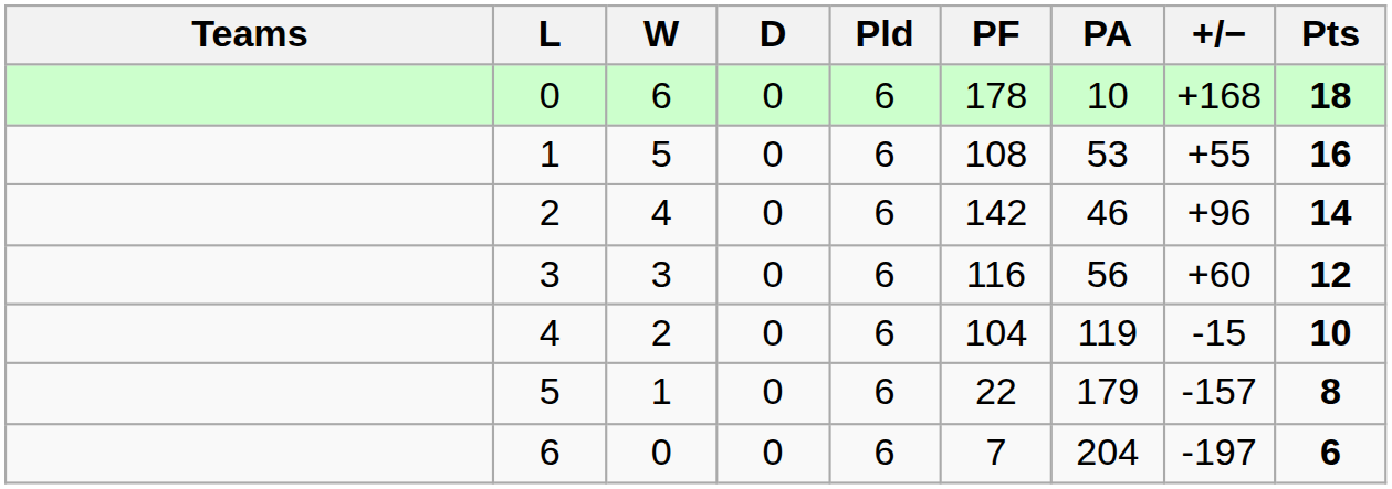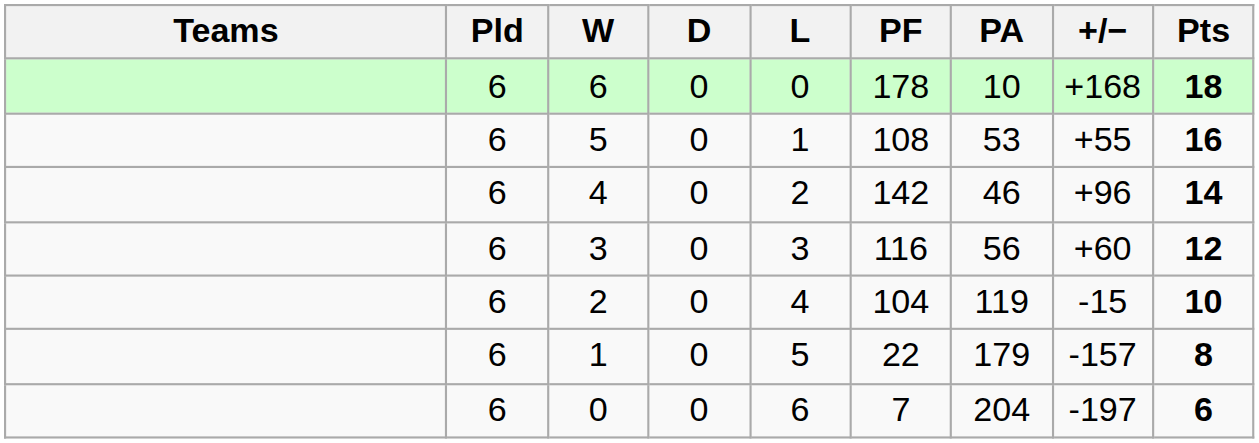 <table class="wikitable" style="text-align: center;">
 <tr>
 <th width="200">Teams</th>
-<th width="40">L</th>
+<th width="40">Pld</th>
 <th width="40">W</th>
 <th width="40">D</th>
-<th width="40">Pld</th>
+<th width="40">L</th>
 <th width="40">PF</th>
 <th width="40">PA</th>
 <th width="40">+/−</th>
 <th width="40">Pts</th>
 </tr>
 <tr bgcolor=ccffcc>
 <td align=left></td>
-<td>0</td>
+<td>6</td>
 <td>6</td>
 <td>0</td>
-<td>6</td>
+<td>0</td>
 <td>178</td>
 <td>10</td>
 <td>+168</td>
 <td><strong>18</strong></td>
 </tr>
 <tr>
 <td align=left></td>
-<td>1</td>
+<td>6</td>
 <td>5</td>
 <td>0</td>
-<td>6</td>
+<td>1</td>
 <td>108</td>
 <td>53</td>
 <td>+55</td>
 <td><strong>16</strong></td>
 </tr>
 <tr>
 <td align=left></td>
-<td>2</td>
+<td>6</td>
 <td>4</td>
 <td>0</td>
-<td>6</td>
+<td>2</td>
 <td>142</td>
 <td>46</td>
 <td>+96</td>
 <td><strong>14</strong></td>
 </tr>
 <tr>
 <td align=left></td>
-<td>3</td>
+<td>6</td>
 <td>3</td>
 <td>0</td>
-<td>6</td>
+<td>3</td>
 <td>116</td>
 <td>56</td>
 <td>+60</td>
 <td><strong>12</strong></td>
 </tr>
 <tr>
 <td align=left></td>
-<td>4</td>
+<td>6</td>
 <td>2</td>
 <td>0</td>
-<td>6</td>
+<td>4</td>
 <td>104</td>
 <td>119</td>
 <td>-15</td>
 <td><strong>10</strong></td>
 </tr>
 <tr>
 <td align=left></td>
-<td>5</td>
+<td>6</td>
 <td>1</td>
 <td>0</td>
-<td>6</td>
+<td>5</td>
 <td>22</td>
 <td>179</td>
 <td>-157</td>
 <td><strong>8</strong></td>
 </tr>
 <tr>
 <td align=left></td>
 <td>6</td>
 <td>0</td>
 <td>0</td>
 <td>6</td>
 <td>7</td>
 <td>204</td>
 <td>-197</td>
 <td><strong>6</strong></td>
 </tr>
 </table>
